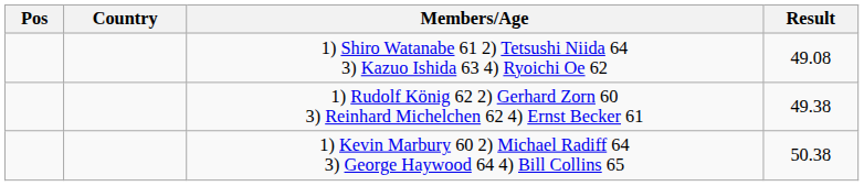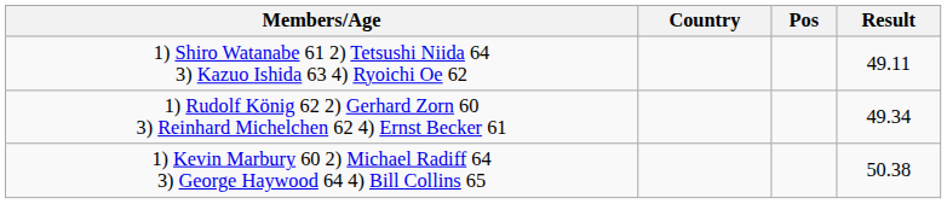 <table class="wikitable"  style="text-align:center; width:60%;">
 <tr>
+<th>Members/Age</th>
+<th>Country</th>
 <th>Pos</th>
-<th>Country</th>
-<th>Members/Age</th>
 <th>Result</th>
 </tr>
 <tr>
+<td>1) <a href='#'>Shiro Watanabe</a> 61 2) <a href='#'>Tetsushi Niida</a> 64<br>3) <a href='#'>Kazuo Ishida</a> 63 4) <a href='#'>Ryoichi Oe</a> 62</td>
+<td align=left></td>
 <td align=center></td>
-<td align=left></td>
-<td>1) <a href='#'>Shiro Watanabe</a> 61 2) <a href='#'>Tetsushi Niida</a> 64<br>3) <a href='#'>Kazuo Ishida</a> 63 4) <a href='#'>Ryoichi Oe</a> 62</td>
-<td>49.08</td>
+<td>49.11</td>
 </tr>
 <tr>
+<td>1) <a href='#'>Rudolf König</a> 62 2) <a href='#'>Gerhard Zorn</a> 60<br>3) <a href='#'>Reinhard Michelchen</a> 62 4) <a href='#'>Ernst Becker</a> 61</td>
+<td align=left></td>
 <td align=center></td>
-<td align=left></td>
-<td>1) <a href='#'>Rudolf König</a> 62 2) <a href='#'>Gerhard Zorn</a> 60<br>3) <a href='#'>Reinhard Michelchen</a> 62 4) <a href='#'>Ernst Becker</a> 61</td>
-<td>49.38</td>
+<td>49.34</td>
 </tr>
 <tr>
+<td>1) <a href='#'>Kevin Marbury</a> 60 2) <a href='#'>Michael Radiff</a> 64<br>3) <a href='#'>George Haywood</a> 64 4) <a href='#'>Bill Collins</a> 65</td>
+<td align=left></td>
 <td align=center></td>
-<td align=left></td>
-<td>1) <a href='#'>Kevin Marbury</a> 60 2) <a href='#'>Michael Radiff</a> 64<br>3) <a href='#'>George Haywood</a> 64 4) <a href='#'>Bill Collins</a> 65</td>
 <td>50.38</td>
 </tr>
 </table>
